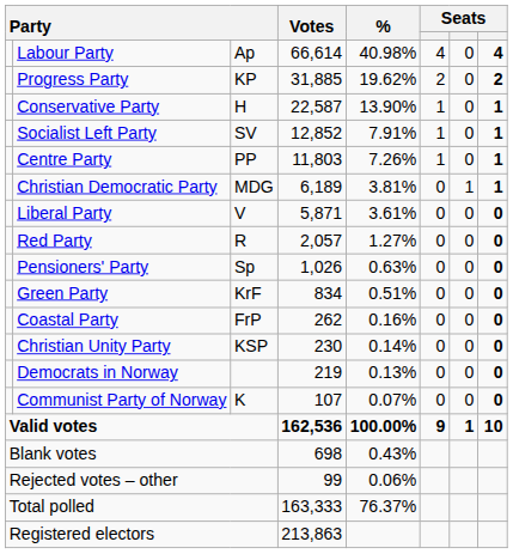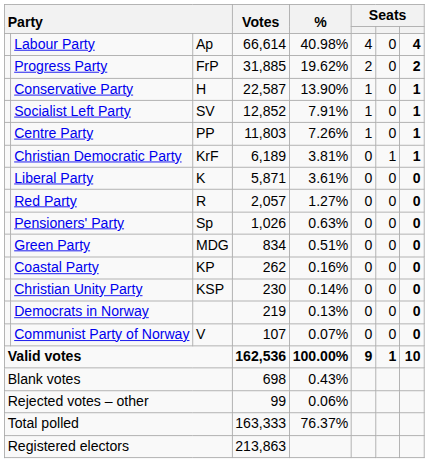 <table class="wikitable" border="1" style="text-align:right;">
 <tr>
 <th style="text-align:left;" valign=bottom rowspan=2 colspan=3>Party</th>
 <th align=center valign=bottom rowspan=2 width="50">Votes</th>
 <th align=center valign=bottom rowspan=2 width="50">%</th>
 <th colspan=3>Seats</th>
 </tr>
 <tr>
 <th align=center valign=bottom width="20"><small></small></th>
 <th align=center valign=bottom width="20"><small><a href='#'></a></small></th>
 <th align=center valign=bottom width="20"><small></small></th>
 </tr>
 <tr>
 <td style="color:inherit;background:"></td>
 <td align=left><a href='#'>Labour Party</a></td>
 <td align=left>Ap</td>
 <td>66,614</td>
 <td>40.98%</td>
 <td>4</td>
 <td>0</td>
 <td><strong>4</strong></td>
 </tr>
 <tr>
 <td style="color:inherit;background:"></td>
 <td align=left><a href='#'>Progress Party</a></td>
-<td align=left>KP</td>
+<td align=left>FrP</td>
 <td>31,885</td>
 <td>19.62%</td>
 <td>2</td>
 <td>0</td>
 <td><strong>2</strong></td>
 </tr>
 <tr>
 <td style="color:inherit;background:"></td>
 <td align=left><a href='#'>Conservative Party</a></td>
 <td align=left>H</td>
 <td>22,587</td>
 <td>13.90%</td>
 <td>1</td>
 <td>0</td>
 <td><strong>1</strong></td>
 </tr>
 <tr>
 <td style="color:inherit;background:"></td>
 <td align=left><a href='#'>Socialist Left Party</a></td>
 <td align=left>SV</td>
 <td>12,852</td>
 <td>7.91%</td>
 <td>1</td>
 <td>0</td>
 <td><strong>1</strong></td>
 </tr>
 <tr>
 <td style="color:inherit;background:"></td>
 <td align=left><a href='#'>Centre Party</a></td>
 <td align=left>PP</td>
 <td>11,803</td>
 <td>7.26%</td>
 <td>1</td>
 <td>0</td>
 <td><strong>1</strong></td>
 </tr>
 <tr>
 <td style="color:inherit;background:"></td>
 <td align=left><a href='#'>Christian Democratic Party</a></td>
-<td align=left>MDG</td>
+<td align=left>KrF</td>
 <td>6,189</td>
 <td>3.81%</td>
 <td>0</td>
 <td>1</td>
 <td><strong>1</strong></td>
 </tr>
 <tr>
 <td style="color:inherit;background:"></td>
 <td align=left><a href='#'>Liberal Party</a></td>
-<td align=left>V</td>
+<td align=left>K</td>
 <td>5,871</td>
 <td>3.61%</td>
 <td>0</td>
 <td>0</td>
 <td><strong>0</strong></td>
 </tr>
 <tr>
 <td style="color:inherit;background:"></td>
 <td align=left><a href='#'>Red Party</a></td>
 <td align=left>R</td>
 <td>2,057</td>
 <td>1.27%</td>
 <td>0</td>
 <td>0</td>
 <td><strong>0</strong></td>
 </tr>
 <tr>
 <td style="color:inherit;background:"></td>
 <td align=left><a href='#'>Pensioners' Party</a></td>
 <td align=left>Sp</td>
 <td>1,026</td>
 <td>0.63%</td>
 <td>0</td>
 <td>0</td>
 <td><strong>0</strong></td>
 </tr>
 <tr>
 <td style="color:inherit;background:"></td>
 <td align=left><a href='#'>Green Party</a></td>
-<td align=left>KrF</td>
+<td align=left>MDG</td>
 <td>834</td>
 <td>0.51%</td>
 <td>0</td>
 <td>0</td>
 <td><strong>0</strong></td>
 </tr>
 <tr>
 <td style="color:inherit;background:"></td>
 <td align=left><a href='#'>Coastal Party</a></td>
-<td align=left>FrP</td>
+<td align=left>KP</td>
 <td>262</td>
 <td>0.16%</td>
 <td>0</td>
 <td>0</td>
 <td><strong>0</strong></td>
 </tr>
 <tr>
 <td style="color:inherit;background:"></td>
 <td align=left><a href='#'>Christian Unity Party</a></td>
 <td align=left>KSP</td>
 <td>230</td>
 <td>0.14%</td>
 <td>0</td>
 <td>0</td>
 <td><strong>0</strong></td>
 </tr>
 <tr>
 <td style="color:inherit;background:"></td>
 <td align=left><a href='#'>Democrats in Norway</a></td>
 <td align=left></td>
 <td>219</td>
 <td>0.13%</td>
 <td>0</td>
 <td>0</td>
 <td><strong>0</strong></td>
 </tr>
 <tr>
 <td style="color:inherit;background:"></td>
 <td align=left><a href='#'>Communist Party of Norway</a></td>
-<td align=left>K</td>
+<td align=left>V</td>
 <td>107</td>
 <td>0.07%</td>
 <td>0</td>
 <td>0</td>
 <td><strong>0</strong></td>
 </tr>
 <tr style="font-weight:bold">
 <td align=left colspan=3>Valid votes</td>
 <td>162,536</td>
 <td>100.00%</td>
 <td>9</td>
 <td>1</td>
 <td>10</td>
 </tr>
 <tr>
 <td align=left colspan=3>Blank votes</td>
 <td>698</td>
 <td>0.43%</td>
 <td></td>
 <td></td>
 <td></td>
 </tr>
 <tr>
 <td align=left colspan=3>Rejected votes – other</td>
 <td>99</td>
 <td>0.06%</td>
 <td></td>
 <td></td>
 <td></td>
 </tr>
 <tr>
 <td align=left colspan=3>Total polled</td>
 <td>163,333</td>
 <td>76.37%</td>
 <td></td>
 <td></td>
 <td></td>
 </tr>
 <tr>
 <td align=left colspan=3>Registered electors</td>
 <td>213,863</td>
 <td></td>
 <td></td>
 <td></td>
 <td></td>
 </tr>
 </table>
